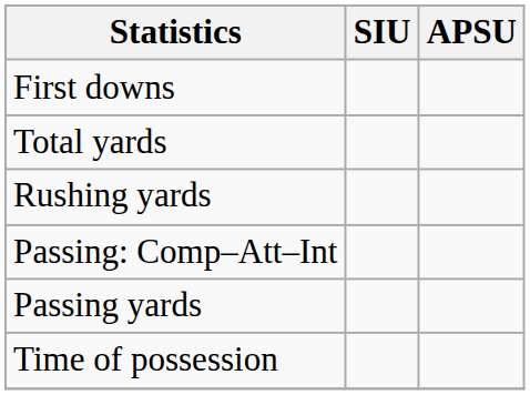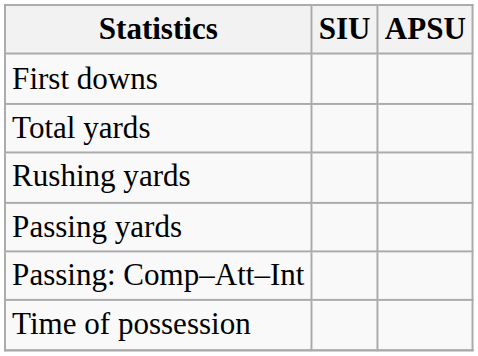 <table class="wikitable" style="float: left;">
 <tr>
 <th>Statistics</th>
 <th>SIU</th>
 <th>APSU</th>
 </tr>
 <tr>
 <td>First downs</td>
 <td></td>
 <td></td>
 </tr>
 <tr>
 <td>Total yards</td>
 <td></td>
 <td></td>
 </tr>
 <tr>
 <td>Rushing yards</td>
 <td></td>
 <td></td>
 </tr>
 <tr>
-<td>Passing: Comp–Att–Int</td>
+<td>Passing yards</td>
 <td></td>
 <td></td>
 </tr>
 <tr>
-<td>Passing yards</td>
+<td>Passing: Comp–Att–Int</td>
 <td></td>
 <td></td>
 </tr>
 <tr>
 <td>Time of possession</td>
 <td></td>
 <td></td>
 </tr>
 <tr>
 </tr>
 </table>
